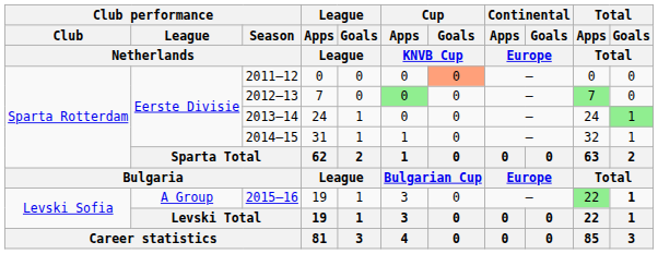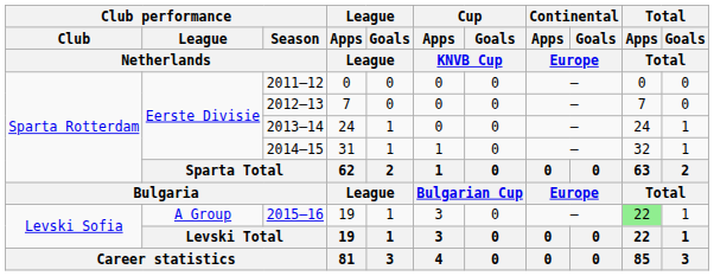 <table class="wikitable" style="text-align: center">
 <tr>
 <th Colspan="3">Club performance</th>
 <th Colspan="2">League</th>
 <th Colspan="2">Cup</th>
 <th Colspan="2">Continental</th>
 <th Colspan="3">Total</th>
 </tr>
 <tr>
 <th>Club</th>
 <th>League</th>
 <th>Season</th>
 <th>Apps</th>
 <th>Goals</th>
 <th>Apps</th>
 <th>Goals</th>
 <th>Apps</th>
 <th>Goals</th>
 <th>Apps</th>
 <th>Goals</th>
 </tr>
 <tr>
 <th Colspan="3">Netherlands</th>
 <th Colspan="2">League</th>
 <th Colspan="2"><a href='#'>KNVB Cup</a></th>
 <th Colspan="2"><a href='#'>Europe</a></th>
 <th Colspan="2">Total</th>
 </tr>
 <tr>
 <td rowspan="5"><a href='#'>Sparta Rotterdam</a></td>
 <td rowspan="4"><a href='#'>Eerste Divisie</a></td>
 <td>2011–12</td>
 <td>0</td>
 <td>0</td>
 <td>0</td>
-<td style="background: lightsalmon;">0</td>
+<td>0</td>
 <td colspan="2">–</td>
 <td>0</td>
 <td>0</td>
 </tr>
 <tr>
 <td>2012–13</td>
 <td>7</td>
 <td>0</td>
-<td style="background: lightgreen;">0</td>
+<td>0</td>
 <td>0</td>
 <td colspan="2">–</td>
-<td style="background: lightgreen;">7</td>
+<td>7</td>
 <td>0</td>
 </tr>
 <tr>
 <td>2013–14</td>
 <td>24</td>
 <td>1</td>
 <td>0</td>
 <td>0</td>
 <td colspan="2">–</td>
 <td>24</td>
-<td style="background: lightgreen;">1</td>
+<td>1</td>
 </tr>
 <tr>
 <td>2014–15</td>
 <td>31</td>
 <td>1</td>
 <td>1</td>
 <td>0</td>
 <td colspan="2">–</td>
 <td>32</td>
 <td>1</td>
 </tr>
 <tr>
 <th colspan=2>Sparta Total</th>
 <th>62</th>
 <th>2</th>
 <th>1</th>
 <th>0</th>
 <th>0</th>
 <th>0</th>
 <th>63</th>
 <th>2</th>
 </tr>
 <tr>
 <th Colspan="3">Bulgaria</th>
 <th Colspan="2">League</th>
 <th Colspan="2"><a href='#'>Bulgarian Cup</a></th>
 <th Colspan="2"><a href='#'>Europe</a></th>
 <th Colspan="2">Total</th>
 </tr>
 <tr>
 <td rowspan="2"><a href='#'>Levski Sofia</a></td>
 <td rowspan="1"><a href='#'>A Group</a></td>
 <td><a href='#'>2015–16</a></td>
 <td>19</td>
 <td>1</td>
 <td>3</td>
 <td>0</td>
 <td colspan="2">–</td>
 <td style="background: lightgreen;">22</td>
-<td><strong>1</strong></td>
+<td>1</td>
 </tr>
 <tr>
 <th colspan=2>Levski Total</th>
 <th>19</th>
 <th>1</th>
 <th>3</th>
 <th>0</th>
 <th>0</th>
 <th>0</th>
 <th>22</th>
 <th>1</th>
 </tr>
 <tr>
 <th colspan="3">Career statistics</th>
 <th>81</th>
 <th>3</th>
 <th>4</th>
 <th>0</th>
 <th>0</th>
 <th>0</th>
 <th>85</th>
 <th>3</th>
 </tr>
 </table>
